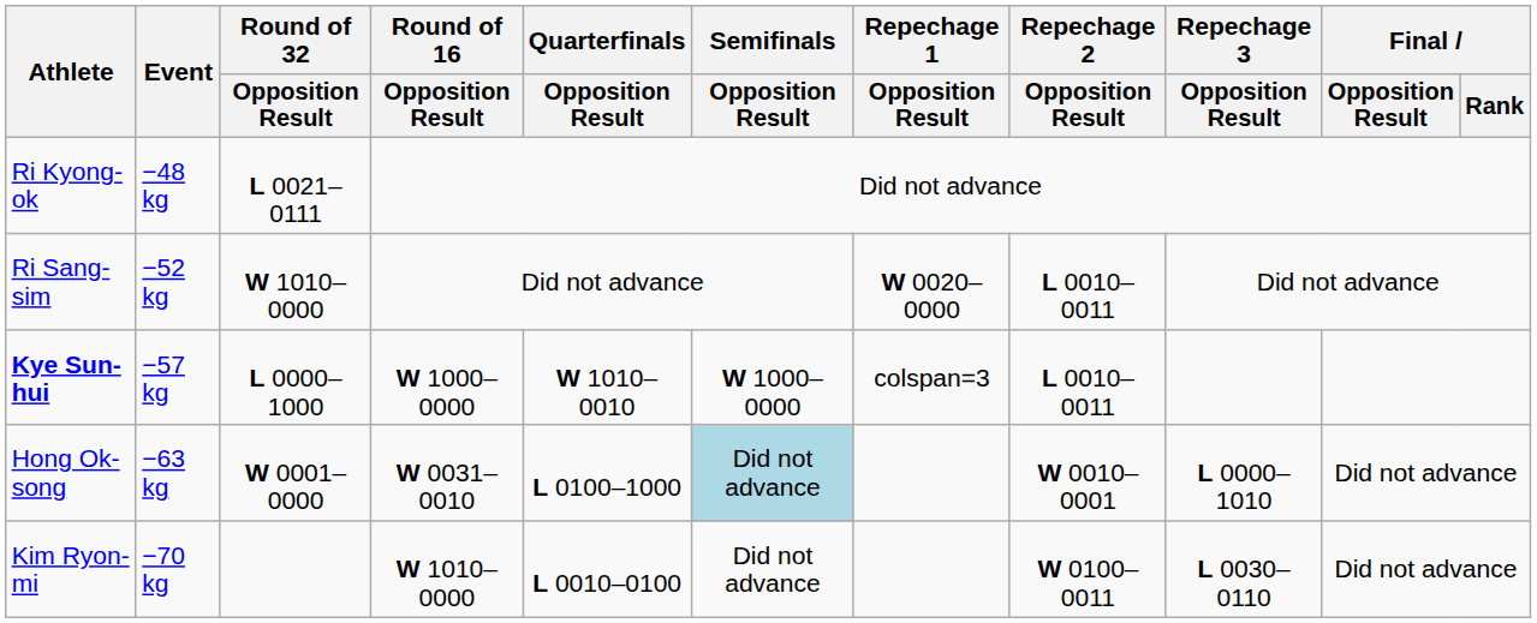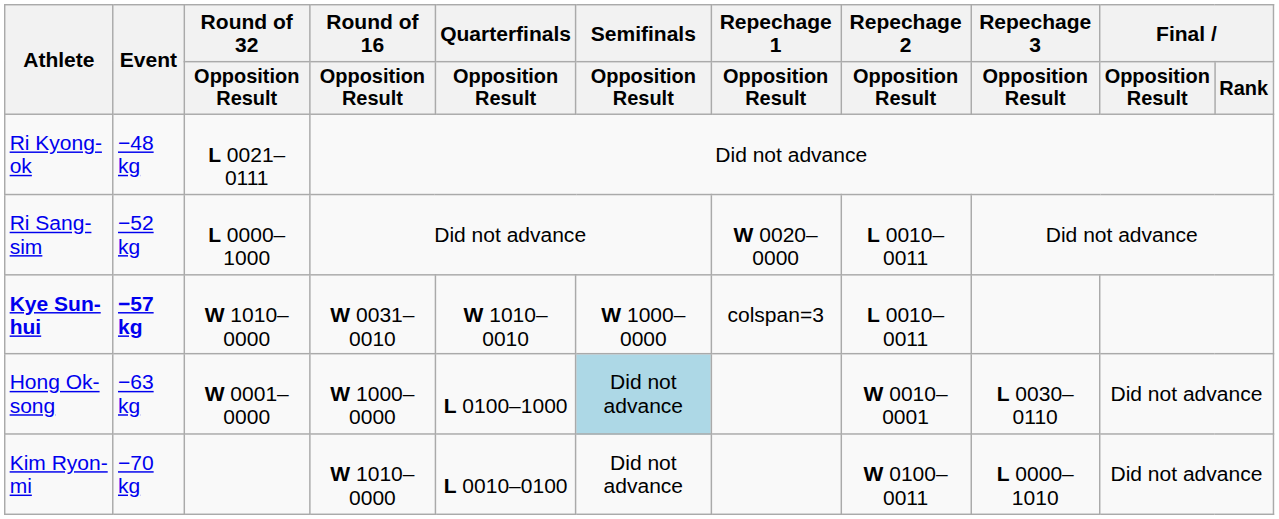 <table class="wikitable" style="font-size:90%">
 <tr>
 <th rowspan="2">Athlete</th>
 <th rowspan="2">Event</th>
 <th>Round of 32</th>
 <th>Round of 16</th>
 <th>Quarterfinals</th>
 <th>Semifinals</th>
 <th>Repechage 1</th>
 <th>Repechage 2</th>
 <th>Repechage 3</th>
 <th colspan=2>Final / </th>
 </tr>
 <tr style="font-size:95%">
 <th>Opposition<br>Result</th>
 <th>Opposition<br>Result</th>
 <th>Opposition<br>Result</th>
 <th>Opposition<br>Result</th>
 <th>Opposition<br>Result</th>
 <th>Opposition<br>Result</th>
 <th>Opposition<br>Result</th>
 <th>Opposition<br>Result</th>
 <th>Rank</th>
 </tr>
 <tr align=center>
 <td align=left><a href='#'>Ri Kyong-ok</a></td>
 <td align=left><a href='#'>−48 kg</a></td>
 <td><br><strong>L</strong> 0021–0111</td>
 <td colspan=8>Did not advance</td>
 </tr>
 <tr align=center>
 <td align=left><a href='#'>Ri Sang-sim</a></td>
 <td align=left><a href='#'>−52 kg</a></td>
-<td><br><strong>W</strong> 1010–0000</td>
+<td><br><strong>L</strong> 0000–1000</td>
 <td colspan=3>Did not advance</td>
 <td><br><strong>W</strong> 0020–0000</td>
 <td><br><strong>L</strong> 0010–0011</td>
 <td colspan=3>Did not advance</td>
 </tr>
 <tr align=center>
 <td align=left><strong><a href='#'>Kye Sun-hui</a></strong></td>
-<td align=left><a href='#'>−57 kg</a></td>
-<td><br><strong>L</strong> 0000–1000</td>
-<td><br><strong>W</strong> 1000–0000</td>
+<td align=left><strong><a href='#'>−57 kg</a></strong></td>
+<td><br><strong>W</strong> 1010–0000</td>
+<td><br><strong>W</strong> 0031–0010</td>
 <td><br><strong>W</strong> 1010–0010</td>
 <td><br><strong>W</strong> 1000–0000</td>
 <td>colspan=3 </td>
 <td><br><strong>L</strong> 0010–0011</td>
 <td></td>
 </tr>
 <tr align=center>
 <td align=left><a href='#'>Hong Ok-song</a></td>
 <td align=left><a href='#'>−63 kg</a></td>
 <td><br><strong>W</strong> 0001–0000</td>
-<td><br><strong>W</strong> 0031–0010</td>
+<td><br><strong>W</strong> 1000–0000</td>
 <td><br><strong>L</strong> 0100–1000</td>
 <td style="background: lightblue;">Did not advance</td>
 <td></td>
 <td><br><strong>W</strong> 0010–0001</td>
-<td><br><strong>L</strong> 0000–1010</td>
+<td><br><strong>L</strong> 0030–0110</td>
 <td colspan=2>Did not advance</td>
 </tr>
 <tr align=center>
 <td align=left><a href='#'>Kim Ryon-mi</a></td>
 <td align=left><a href='#'>−70 kg</a></td>
 <td></td>
 <td><br><strong>W</strong> 1010–0000</td>
 <td><br><strong>L</strong> 0010–0100</td>
 <td>Did not advance</td>
 <td></td>
 <td><br><strong>W</strong> 0100–0011</td>
-<td><br><strong>L</strong> 0030–0110</td>
+<td><br><strong>L</strong> 0000–1010</td>
 <td colspan=2>Did not advance</td>
 </tr>
 </table>
